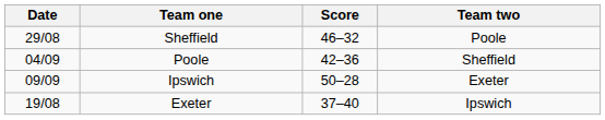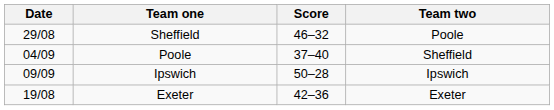 <table class="wikitable" style="text-align: center">
 <tr>
 <th width=80>Date</th>
 <th width=250>Team one</th>
 <th width=80>Score</th>
 <th width=250>Team two</th>
 </tr>
 <tr>
 <td>29/08</td>
 <td>Sheffield</td>
 <td>46–32</td>
 <td>Poole</td>
 </tr>
 <tr>
 <td>04/09</td>
 <td>Poole</td>
-<td>42–36</td>
+<td>37–40</td>
 <td>Sheffield</td>
 </tr>
 <tr>
 <td>09/09</td>
 <td>Ipswich</td>
 <td>50–28</td>
-<td>Exeter</td>
+<td>Ipswich</td>
 </tr>
 <tr>
 <td>19/08</td>
 <td>Exeter</td>
-<td>37–40</td>
-<td>Ipswich</td>
+<td>42–36</td>
+<td>Exeter</td>
 </tr>
 </table>
